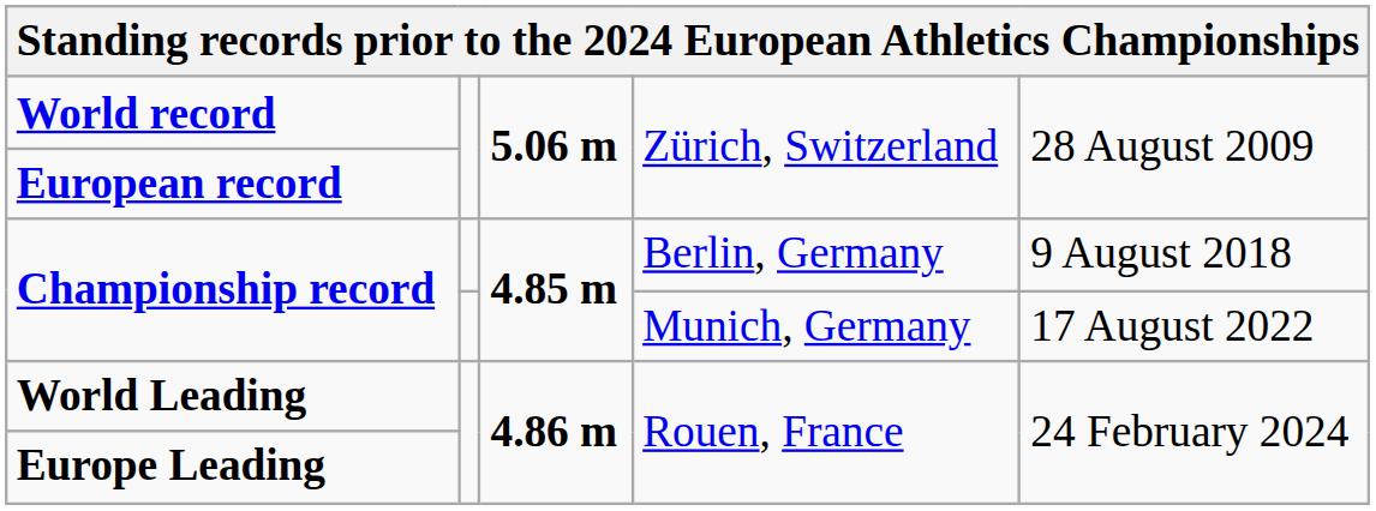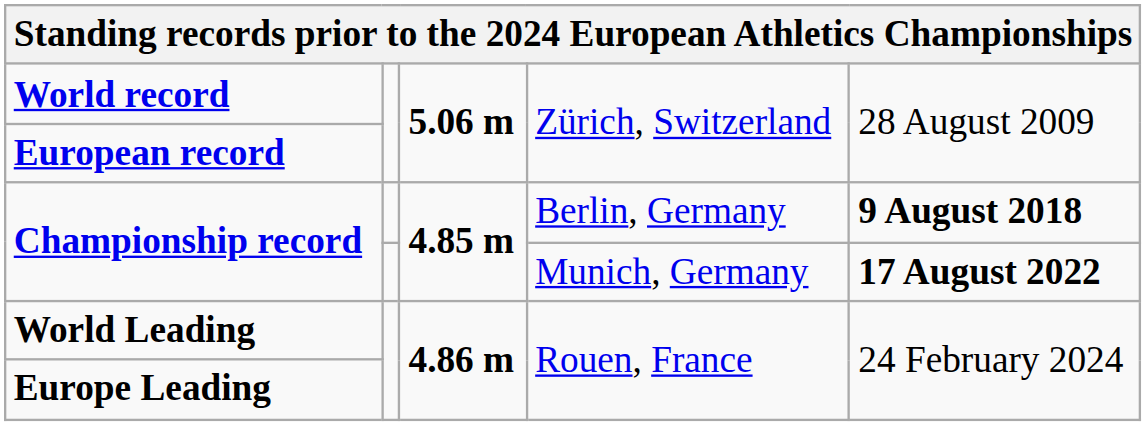 <table class="wikitable">
 <tr>
 <th colspan="5">Standing records prior to the 2024 European Athletics Championships</th>
 </tr>
 <tr>
 <td><strong><a href='#'>World record</a></strong></td>
 <td rowspan="2"></td>
 <td rowspan="2"><strong>5.06 m</strong></td>
 <td rowspan="2"><a href='#'>Zürich</a>, <a href='#'>Switzerland</a></td>
 <td rowspan="2">28 August 2009</td>
 </tr>
 <tr>
 <td><strong><a href='#'>European record</a></strong></td>
 </tr>
 <tr>
 <td rowspan="2"><strong><a href='#'>Championship record</a></strong></td>
 <td></td>
 <td rowspan="2"><strong>4.85 m</strong></td>
 <td><a href='#'>Berlin</a>, <a href='#'>Germany</a></td>
-<td>9 August 2018</td>
+<td><strong>9 August 2018</strong></td>
 </tr>
 <tr>
 <td></td>
 <td><a href='#'>Munich</a>, <a href='#'>Germany</a></td>
-<td>17 August 2022</td>
+<td><strong>17 August 2022</strong></td>
 </tr>
 <tr>
 <td><strong>World Leading</strong></td>
 <td rowspan="2"></td>
 <td rowspan="2"><strong>4.86 m</strong></td>
 <td rowspan="2"><a href='#'>Rouen</a>, <a href='#'>France</a></td>
 <td rowspan="2">24 February 2024</td>
 </tr>
 <tr>
 <td><strong>Europe Leading</strong></td>
 </tr>
 </table>
